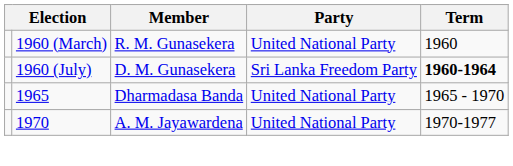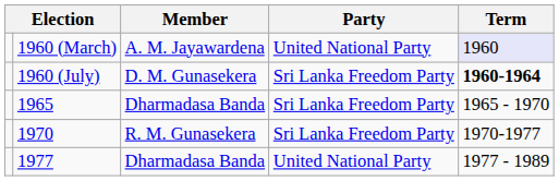 <table class="wikitable">
 <tr>
 <th colspan="2">Election</th>
 <th>Member</th>
 <th>Party</th>
 <th>Term</th>
 </tr>
 <tr>
 <td style="background-color: "></td>
 <td><a href='#'>1960 (March)</a></td>
-<td><a href='#'>R. M. Gunasekera</a></td>
+<td><a href='#'>A. M. Jayawardena</a></td>
 <td><a href='#'>United National Party</a></td>
-<td>1960</td>
+<td style="background: lavender;">1960</td>
 </tr>
 <tr>
 <td style="background-color: "></td>
 <td><a href='#'>1960 (July)</a></td>
 <td><a href='#'>D. M. Gunasekera</a></td>
 <td><a href='#'>Sri Lanka Freedom Party</a></td>
 <td><strong>1960-1964</strong></td>
 </tr>
 <tr>
 <td style="background-color: "></td>
 <td><a href='#'>1965</a></td>
 <td><a href='#'>Dharmadasa Banda</a></td>
-<td><a href='#'>United National Party</a></td>
+<td><a href='#'>Sri Lanka Freedom Party</a></td>
 <td>1965 - 1970</td>
 </tr>
 <tr>
 <td style="background-color: "></td>
 <td><a href='#'>1970</a></td>
-<td><a href='#'>A. M. Jayawardena</a></td>
-<td><a href='#'>United National Party</a></td>
+<td><a href='#'>R. M. Gunasekera</a></td>
+<td><a href='#'>Sri Lanka Freedom Party</a></td>
 <td>1970-1977</td>
 </tr>
+<tr>
+<td style="background-color: "></td>
+<td><a href='#'>1977</a></td>
+<td><a href='#'>Dharmadasa Banda</a></td>
+<td><a href='#'>United National Party</a></td>
+<td>1977 - 1989</td>
+</tr>
 </table>
